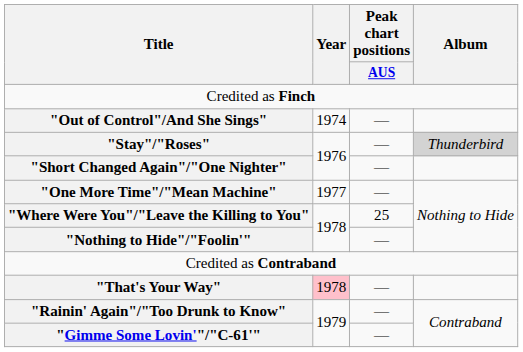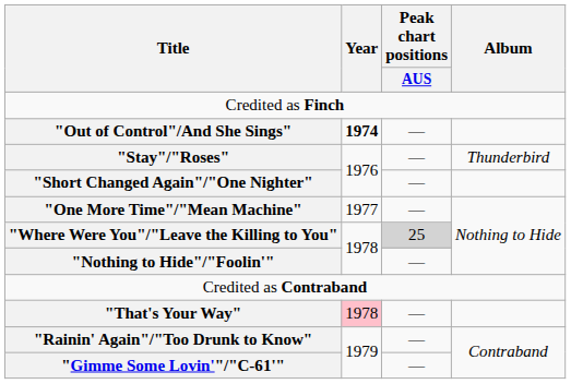 <table class="wikitable plainrowheaders" style="text-align:center;" border="1">
 <tr>
 <th scope="col" rowspan="2">Title</th>
 <th scope="col" rowspan="2">Year</th>
 <th scope="col" colspan="1">Peak chart positions</th>
 <th scope="col" rowspan="2">Album</th>
 </tr>
 <tr>
 <th scope="col" style="width:3em; font-size:90%"><a href='#'>AUS</a><br></th>
 </tr>
 <tr>
 <td colspan=5>Credited as <strong>Finch</strong></td>
 </tr>
 <tr>
 <th scope="row">"Out of Control"/And She Sings"</th>
-<td>1974</td>
+<td><strong>1974</strong></td>
 <td>—</td>
 <td></td>
 </tr>
 <tr>
 <th scope="row">"Stay"/"Roses"</th>
 <td rowspan="2">1976</td>
 <td>—</td>
-<td style="background: lightgrey;"><em>Thunderbird</em></td>
+<td><em>Thunderbird</em></td>
 </tr>
 <tr>
 <th scope="row">"Short Changed Again"/"One Nighter"</th>
 <td>—</td>
 <td></td>
 </tr>
 <tr>
 <th scope="row">"One More Time"/"Mean Machine"</th>
 <td>1977</td>
 <td>—</td>
 <td rowspan="3"><em>Nothing to Hide</em></td>
 </tr>
 <tr>
 <th scope="row">"Where Were You"/"Leave the Killing to You"</th>
 <td rowspan="2">1978</td>
-<td>25</td>
+<td style="background: lightgrey;">25</td>
 </tr>
 <tr>
 <th scope="row">"Nothing to Hide"/"Foolin'"</th>
 <td>—</td>
 </tr>
 <tr>
 <td colspan=5>Credited as <strong>Contraband</strong></td>
 </tr>
 <tr>
 <th scope="row">"That's Your Way"</th>
 <td style="background: pink;">1978</td>
 <td>—</td>
 <td></td>
 </tr>
 <tr>
 <th scope="row">"Rainin' Again"/"Too Drunk to Know"</th>
 <td rowspan="2">1979</td>
 <td>—</td>
 <td rowspan="2"><em>Contraband</em></td>
 </tr>
 <tr>
 <th scope="row">"<a href='#'>Gimme Some Lovin'</a>"/"C-61'"</th>
 <td>—</td>
 </tr>
 </table>
